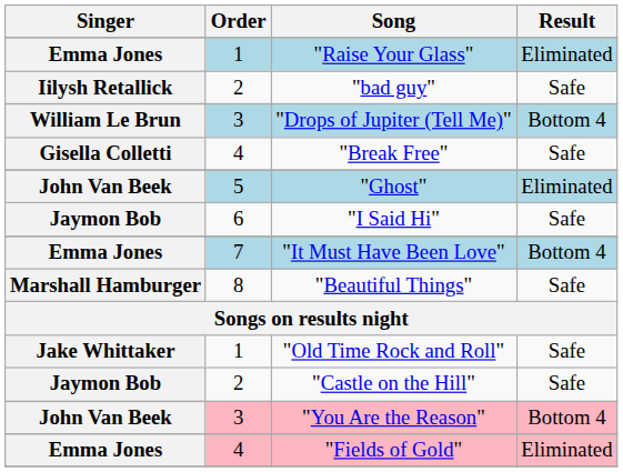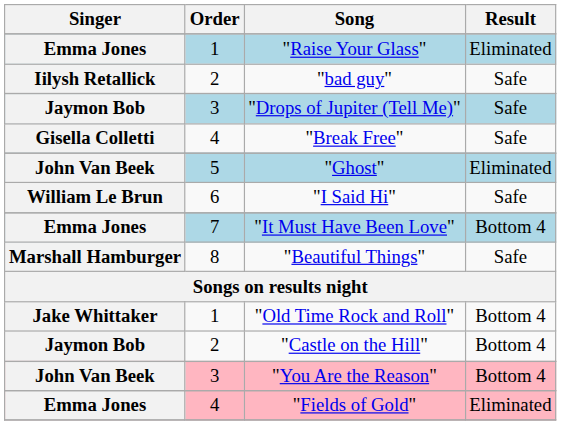 <table class="wikitable plainrowheaders" style="text-align:center;">
 <tr>
 <th scope="col">Singer</th>
 <th scope="col">Order</th>
 <th scope="col">Song</th>
 <th scope="col">Result</th>
 </tr>
 <tr>
 </tr>
 <tr style="background:lightblue">
 <th>Emma Jones</th>
 <td>1</td>
 <td>"<a href='#'>Raise Your Glass</a>"</td>
 <td>Eliminated</td>
 </tr>
 <tr>
 <th>Iilysh Retallick</th>
 <td>2</td>
 <td>"<a href='#'>bad guy</a>"</td>
 <td>Safe</td>
 </tr>
 <tr>
 </tr>
 <tr style="background:lightblue">
-<th>William Le Brun</th>
+<th>Jaymon Bob</th>
 <td>3</td>
 <td>"<a href='#'>Drops of Jupiter (Tell Me)</a>"</td>
-<td>Bottom 4</td>
+<td>Safe</td>
 </tr>
 <tr>
 <th>Gisella Colletti</th>
 <td>4</td>
 <td>"<a href='#'>Break Free</a>"</td>
 <td>Safe</td>
 </tr>
 <tr>
 </tr>
 <tr style="background:lightblue">
 <th>John Van Beek</th>
 <td>5</td>
 <td>"<a href='#'>Ghost</a>"</td>
 <td>Eliminated</td>
 </tr>
 <tr>
-<th>Jaymon Bob</th>
+<th>William Le Brun</th>
 <td>6</td>
 <td>"<a href='#'>I Said Hi</a>"</td>
 <td>Safe</td>
 </tr>
 <tr>
 </tr>
 <tr style="background:lightblue">
 <th>Emma Jones</th>
 <td>7</td>
 <td>"<a href='#'>It Must Have Been Love</a>"</td>
 <td>Bottom 4</td>
 </tr>
 <tr>
 <th>Marshall Hamburger</th>
 <td>8</td>
 <td>"<a href='#'>Beautiful Things</a>"</td>
 <td>Safe</td>
 </tr>
 <tr>
 <th colspan="4">Songs on results night</th>
 </tr>
 <tr>
 <th>Jake Whittaker</th>
 <td>1</td>
 <td>"<a href='#'>Old Time Rock and Roll</a>"</td>
-<td>Safe</td>
+<td>Bottom 4</td>
 </tr>
 <tr>
 <th>Jaymon Bob</th>
 <td>2</td>
 <td>"<a href='#'>Castle on the Hill</a>"</td>
-<td>Safe</td>
+<td>Bottom 4</td>
 </tr>
 <tr>
 </tr>
 <tr style="background:lightpink">
 <th>John Van Beek</th>
 <td>3</td>
 <td>"<a href='#'>You Are the Reason</a>"</td>
 <td>Bottom 4</td>
 </tr>
 <tr>
 </tr>
 <tr style="background:lightpink">
 <th>Emma Jones</th>
 <td>4</td>
 <td>"<a href='#'>Fields of Gold</a>"</td>
 <td>Eliminated</td>
 </tr>
 <tr>
 </tr>
 </table>
